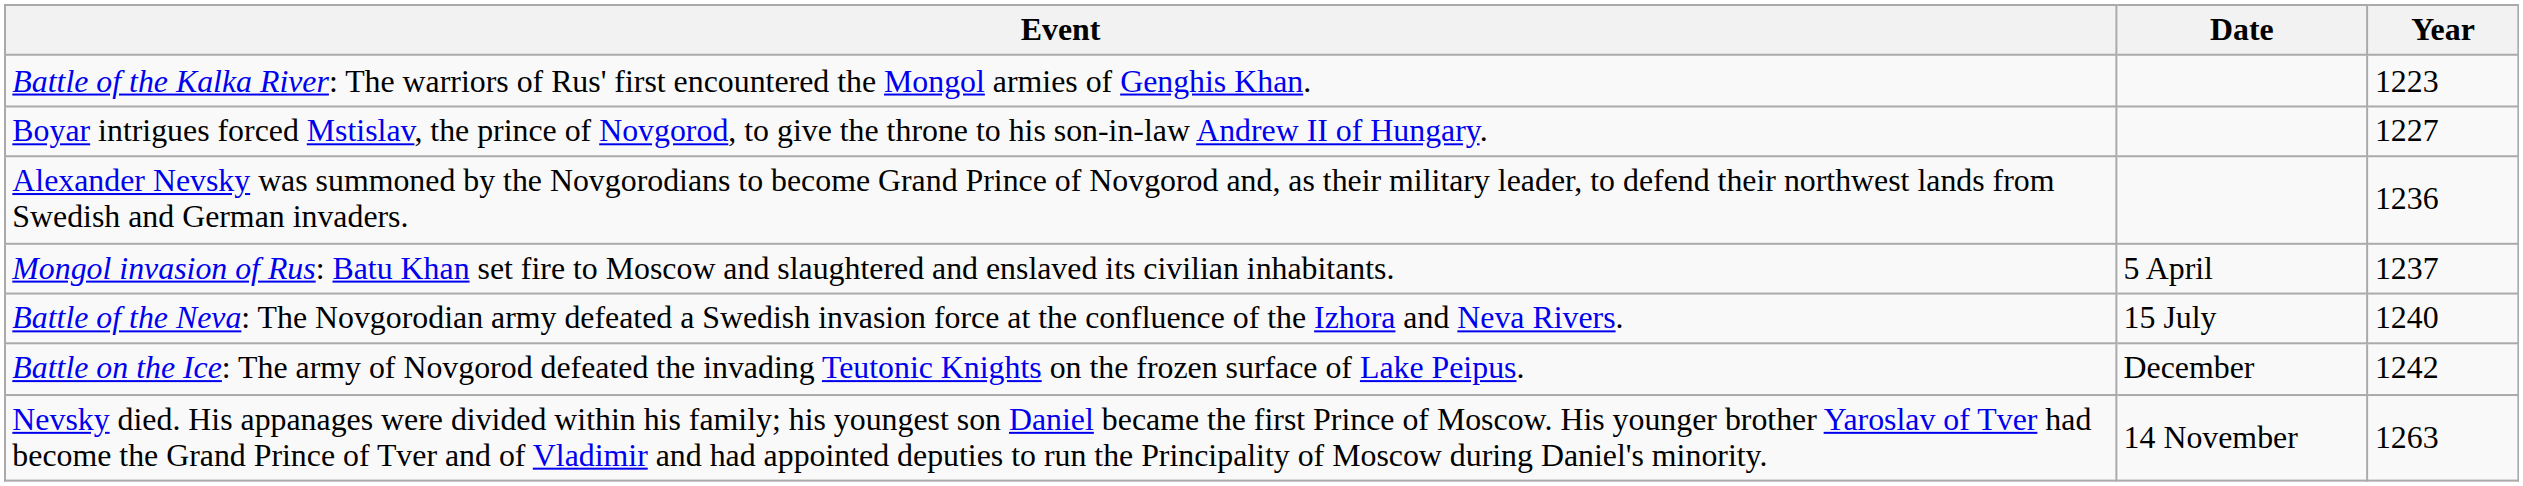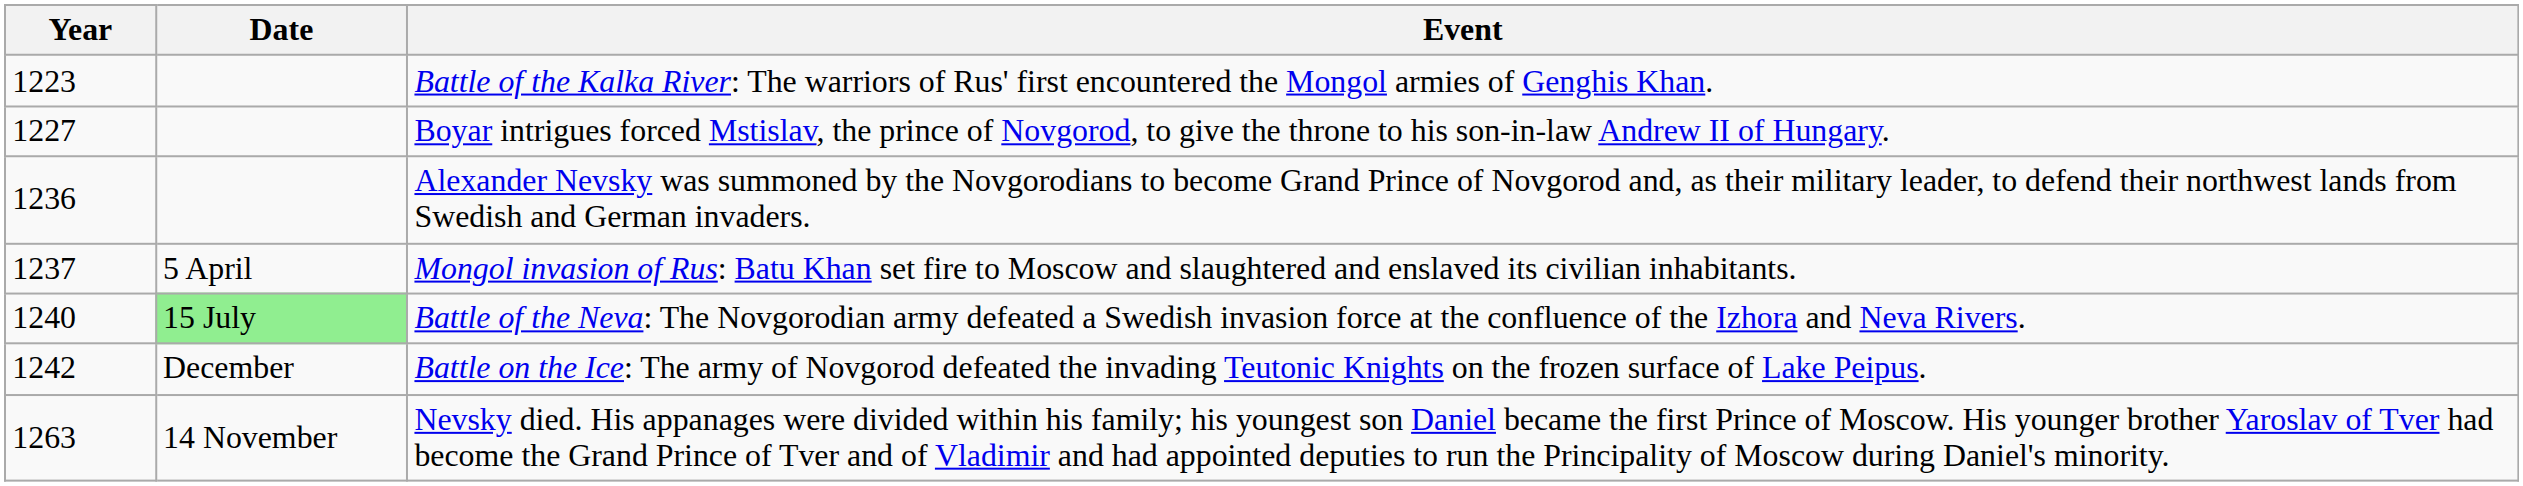 <table class="wikitable" width="100%">
 <tr>
+<th style="width:6%">Year</th>
+<th style="width:10%">Date</th>
 <th>Event</th>
-<th style="width:10%">Date</th>
-<th style="width:6%">Year</th>
 </tr>
 <tr>
+<td>1223</td>
+<td></td>
 <td><em><a href='#'>Battle of the Kalka River</a></em>: The warriors of Rus' first encountered the <a href='#'>Mongol</a> armies of <a href='#'>Genghis Khan</a>.</td>
-<td></td>
-<td>1223</td>
 </tr>
 <tr>
+<td>1227</td>
+<td></td>
 <td><a href='#'>Boyar</a> intrigues forced <a href='#'>Mstislav</a>, the prince of <a href='#'>Novgorod</a>, to give the throne to his son-in-law <a href='#'>Andrew II of Hungary</a>.</td>
-<td></td>
-<td>1227</td>
 </tr>
 <tr>
+<td>1236</td>
+<td></td>
 <td><a href='#'>Alexander Nevsky</a> was summoned by the Novgorodians to become Grand Prince of Novgorod and, as their military leader, to defend their northwest lands from Swedish and German invaders.</td>
-<td></td>
-<td>1236</td>
 </tr>
 <tr>
+<td>1237</td>
+<td>5 April</td>
 <td><em><a href='#'>Mongol invasion of Rus</a></em>: <a href='#'>Batu Khan</a> set fire to Moscow and slaughtered and enslaved its civilian inhabitants.</td>
-<td>5 April</td>
-<td>1237</td>
 </tr>
 <tr>
+<td>1240</td>
+<td style="background: lightgreen;">15 July</td>
 <td><em><a href='#'>Battle of the Neva</a></em>: The Novgorodian army defeated a Swedish invasion force at the confluence of the <a href='#'>Izhora</a> and <a href='#'>Neva Rivers</a>.</td>
-<td>15 July</td>
-<td>1240</td>
 </tr>
 <tr>
+<td>1242</td>
+<td>December</td>
 <td><em><a href='#'>Battle on the Ice</a></em>: The army of Novgorod defeated the invading <a href='#'>Teutonic Knights</a> on the frozen surface of <a href='#'>Lake Peipus</a>.</td>
-<td>December</td>
-<td>1242</td>
 </tr>
 <tr>
+<td>1263</td>
+<td>14 November</td>
 <td><a href='#'>Nevsky</a> died. His appanages were divided within his family; his youngest son <a href='#'>Daniel</a> became the first Prince of Moscow.  His younger brother <a href='#'>Yaroslav of Tver</a> had become the Grand Prince of Tver and of <a href='#'>Vladimir</a> and had appointed deputies to run the Principality of Moscow during Daniel's minority.</td>
-<td>14 November</td>
-<td>1263</td>
 </tr>
 </table>
